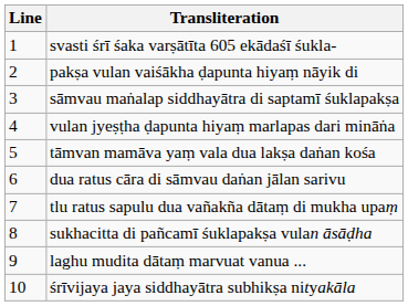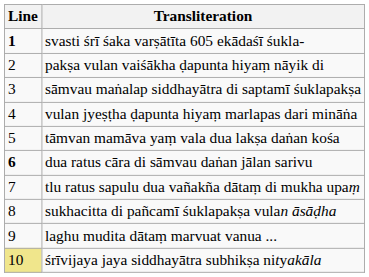 <table class="wikitable">
 <tr>
 <th>Line</th>
 <th>Transliteration</th>
 </tr>
 <tr>
-<td>1</td>
+<td><strong>1</strong></td>
 <td>svasti śrī śaka varṣātīta 605 ekādaśī śukla-</td>
 </tr>
 <tr>
 <td>2</td>
 <td>pakṣa vulan vaiśākha ḍapunta hiyaṃ nāyik di</td>
 </tr>
 <tr>
 <td>3</td>
 <td>sāmvau maṅalap siddhayātra di saptamī śuklapakṣa</td>
 </tr>
 <tr>
 <td>4</td>
 <td>vulan jyeṣṭha ḍapunta hiyaṃ marlapas dari mināṅa</td>
 </tr>
 <tr>
 <td>5</td>
 <td>tāmvan mamāva yaṃ vala dua lakṣa daṅan kośa</td>
 </tr>
 <tr>
-<td>6</td>
+<td><strong>6</strong></td>
 <td>dua ratus cāra di sāmvau daṅan jālan sarivu</td>
 </tr>
 <tr>
 <td>7</td>
 <td>tlu ratus sapulu dua vañakña dātaṃ di mukha upa<em>ṃ</em></td>
 </tr>
 <tr>
 <td>8</td>
 <td>sukhacitta di pañcamī śuklapakṣa vula<em>n āsāḍha</em></td>
 </tr>
 <tr>
 <td>9</td>
 <td>laghu mudita dātaṃ marvuat vanua ...</td>
 </tr>
 <tr>
-<td>10</td>
+<td style="background: khaki;">10</td>
 <td>śrīvijaya jaya siddhayātra subhikṣa ni<em>t</em>y<em>akāla</em></td>
 </tr>
 </table>
